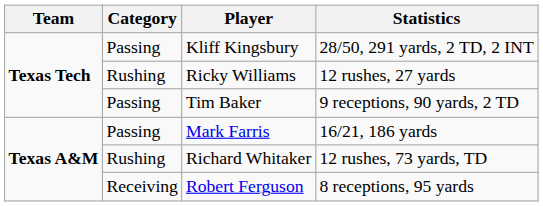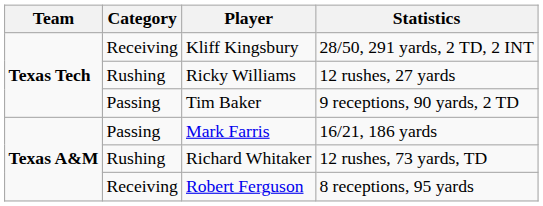 <table class="wikitable" style="float: left;">
 <tr>
 <th>Team</th>
 <th>Category</th>
 <th>Player</th>
 <th>Statistics</th>
 </tr>
 <tr>
 <td rowspan=3><strong>Texas Tech</strong></td>
-<td>Passing</td>
+<td>Receiving</td>
 <td>Kliff Kingsbury</td>
 <td>28/50, 291 yards, 2 TD, 2 INT</td>
 </tr>
 <tr>
 <td>Rushing</td>
 <td>Ricky Williams</td>
 <td>12 rushes, 27 yards</td>
 </tr>
 <tr>
 <td>Passing</td>
 <td>Tim Baker</td>
 <td>9 receptions, 90 yards, 2 TD</td>
 </tr>
 <tr>
 <td rowspan=3><strong>Texas A&M</strong></td>
 <td>Passing</td>
 <td><a href='#'>Mark Farris</a></td>
 <td>16/21, 186 yards</td>
 </tr>
 <tr>
 <td>Rushing</td>
 <td>Richard Whitaker</td>
 <td>12 rushes, 73 yards, TD</td>
 </tr>
 <tr>
 <td>Receiving</td>
 <td><a href='#'>Robert Ferguson</a></td>
 <td>8 receptions, 95 yards</td>
 </tr>
 </table>
